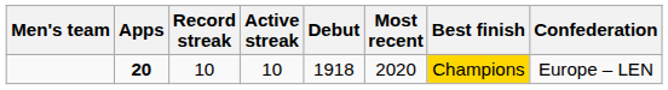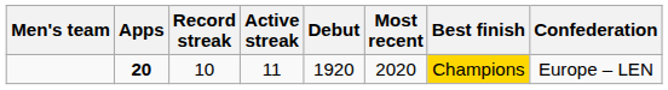 <table class="wikitable" style="text-align: center; font-size: 90%; margin-left: 1em;">
 <tr>
 <th>Men's team</th>
 <th>Apps</th>
 <th>Record<br>streak</th>
 <th>Active<br>streak</th>
 <th>Debut</th>
 <th>Most<br>recent</th>
 <th>Best finish</th>
 <th>Confederation</th>
 </tr>
 <tr>
 <td style="text-align: left;"></td>
 <td><strong>20</strong></td>
 <td>10</td>
-<td>10</td>
-<td>1918</td>
+<td>11</td>
+<td>1920</td>
 <td>2020</td>
 <td style="background-color: gold;">Champions</td>
 <td>Europe – LEN</td>
 </tr>
 </table>
